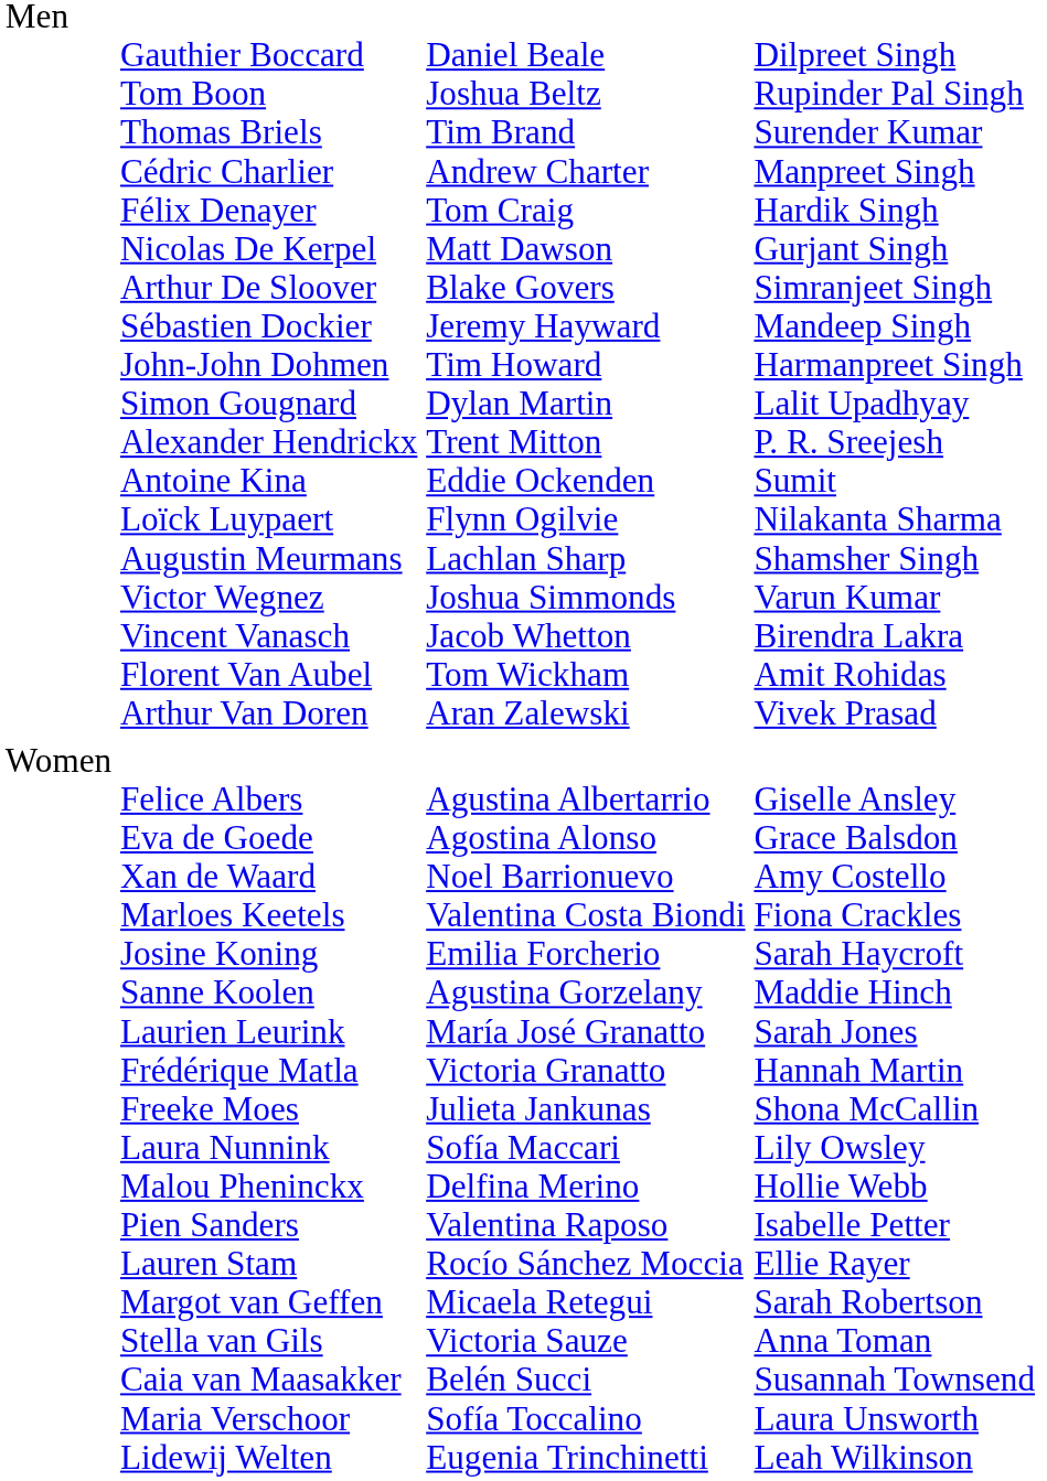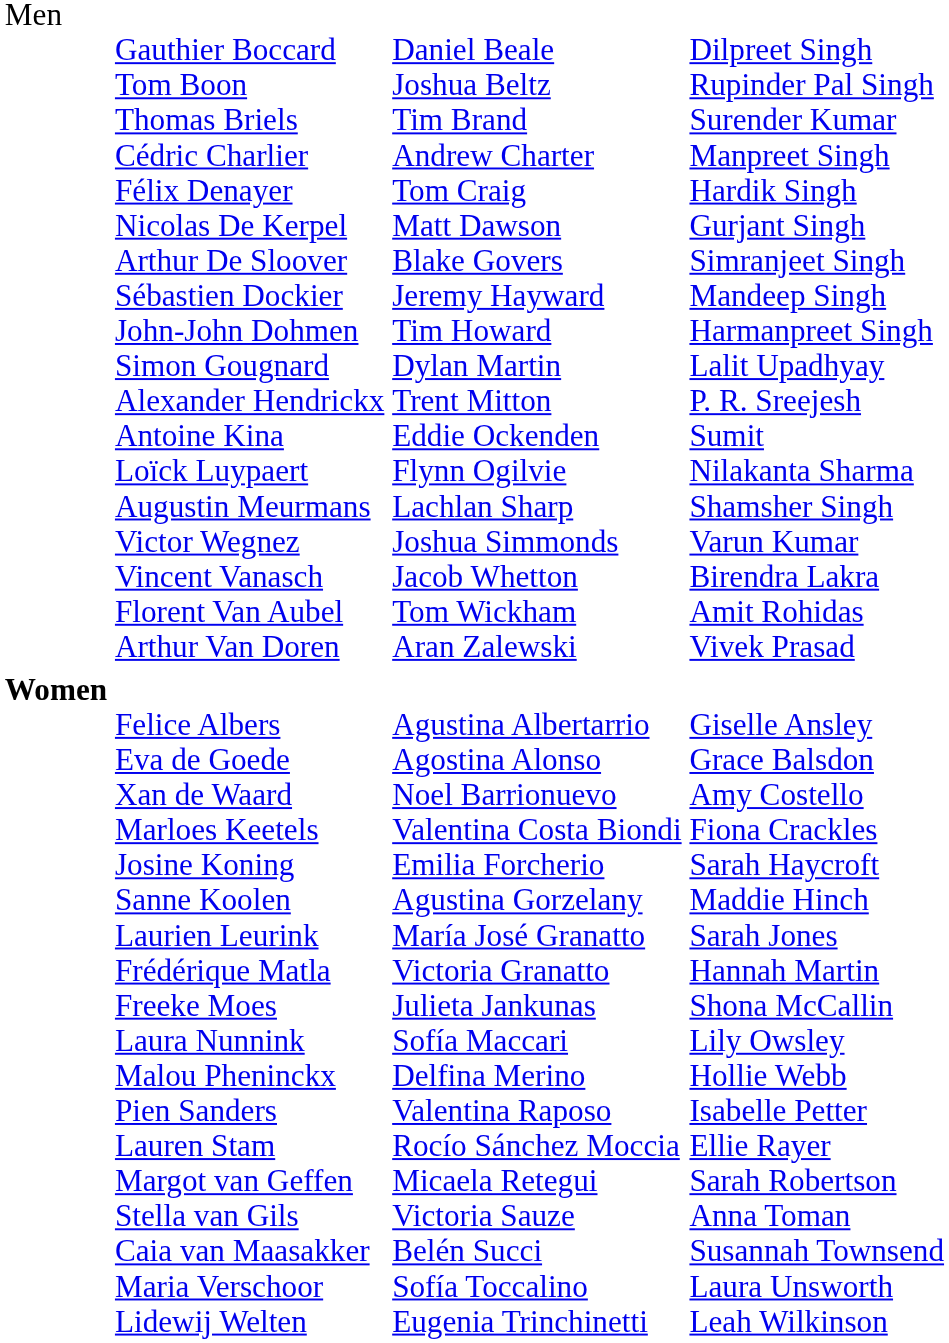 <table>
 <tr valign="top">
 <td>Men<br></td>
 <td><br><a href='#'>Gauthier Boccard</a><br><a href='#'>Tom Boon</a><br><a href='#'>Thomas Briels</a><br><a href='#'>Cédric Charlier</a><br><a href='#'>Félix Denayer</a><br><a href='#'>Nicolas De Kerpel</a><br><a href='#'>Arthur De Sloover</a><br><a href='#'>Sébastien Dockier</a><br><a href='#'>John-John Dohmen</a><br><a href='#'>Simon Gougnard</a><br><a href='#'>Alexander Hendrickx</a><br><a href='#'>Antoine Kina</a><br><a href='#'>Loïck Luypaert</a><br><a href='#'>Augustin Meurmans</a><br><a href='#'>Victor Wegnez</a><br><a href='#'>Vincent Vanasch</a><br><a href='#'>Florent Van Aubel</a><br><a href='#'>Arthur Van Doren</a></td>
 <td><br><a href='#'>Daniel Beale</a><br><a href='#'>Joshua Beltz</a><br><a href='#'>Tim Brand</a><br><a href='#'>Andrew Charter</a><br><a href='#'>Tom Craig</a><br><a href='#'>Matt Dawson</a><br><a href='#'>Blake Govers</a><br><a href='#'>Jeremy Hayward</a><br><a href='#'>Tim Howard</a><br><a href='#'>Dylan Martin</a><br><a href='#'>Trent Mitton</a><br><a href='#'>Eddie Ockenden</a><br><a href='#'>Flynn Ogilvie</a><br><a href='#'>Lachlan Sharp</a><br><a href='#'>Joshua Simmonds</a><br><a href='#'>Jacob Whetton</a><br><a href='#'>Tom Wickham</a><br><a href='#'>Aran Zalewski</a></td>
 <td><br><a href='#'>Dilpreet Singh</a><br><a href='#'>Rupinder Pal Singh</a><br><a href='#'>Surender Kumar</a><br><a href='#'>Manpreet Singh</a><br><a href='#'>Hardik Singh</a><br><a href='#'>Gurjant Singh</a><br><a href='#'>Simranjeet Singh</a><br><a href='#'>Mandeep Singh</a><br><a href='#'>Harmanpreet Singh</a><br><a href='#'>Lalit Upadhyay</a><br><a href='#'>P. R. Sreejesh</a><br><a href='#'>Sumit</a><br><a href='#'>Nilakanta Sharma</a><br><a href='#'>Shamsher Singh</a><br><a href='#'>Varun Kumar</a><br><a href='#'>Birendra Lakra</a><br><a href='#'>Amit Rohidas</a><br><a href='#'>Vivek Prasad</a></td>
 </tr>
 <tr valign="top">
-<td>Women<br></td>
+<td><strong>Women<br></strong></td>
 <td><br><a href='#'>Felice Albers</a><br><a href='#'>Eva de Goede</a><br><a href='#'>Xan de Waard</a><br><a href='#'>Marloes Keetels</a><br><a href='#'>Josine Koning</a><br><a href='#'>Sanne Koolen</a><br><a href='#'>Laurien Leurink</a><br><a href='#'>Frédérique Matla</a><br><a href='#'>Freeke Moes</a><br><a href='#'>Laura Nunnink</a><br><a href='#'>Malou Pheninckx</a><br><a href='#'>Pien Sanders</a><br><a href='#'>Lauren Stam</a><br><a href='#'>Margot van Geffen</a><br><a href='#'>Stella van Gils</a><br><a href='#'>Caia van Maasakker</a><br><a href='#'>Maria Verschoor</a><br><a href='#'>Lidewij Welten</a></td>
 <td><br><a href='#'>Agustina Albertarrio</a><br><a href='#'>Agostina Alonso</a><br><a href='#'>Noel Barrionuevo</a><br><a href='#'>Valentina Costa Biondi</a><br><a href='#'>Emilia Forcherio</a><br><a href='#'>Agustina Gorzelany</a><br><a href='#'>María José Granatto</a><br><a href='#'>Victoria Granatto</a><br><a href='#'>Julieta Jankunas</a><br><a href='#'>Sofía Maccari</a><br><a href='#'>Delfina Merino</a><br><a href='#'>Valentina Raposo</a><br><a href='#'>Rocío Sánchez Moccia</a><br><a href='#'>Micaela Retegui</a><br><a href='#'>Victoria Sauze</a><br><a href='#'>Belén Succi</a><br><a href='#'>Sofía Toccalino</a><br><a href='#'>Eugenia Trinchinetti</a></td>
 <td><br><a href='#'>Giselle Ansley</a><br><a href='#'>Grace Balsdon</a><br><a href='#'>Amy Costello</a><br><a href='#'>Fiona Crackles</a><br><a href='#'>Sarah Haycroft</a><br><a href='#'>Maddie Hinch</a><br><a href='#'>Sarah Jones</a><br><a href='#'>Hannah Martin</a><br><a href='#'>Shona McCallin</a><br><a href='#'>Lily Owsley</a><br><a href='#'>Hollie Webb</a><br><a href='#'>Isabelle Petter</a><br><a href='#'>Ellie Rayer</a><br><a href='#'>Sarah Robertson</a><br><a href='#'>Anna Toman</a><br><a href='#'>Susannah Townsend</a><br><a href='#'>Laura Unsworth</a><br><a href='#'>Leah Wilkinson</a></td>
 </tr>
 <tr>
 </tr>
 </table>
